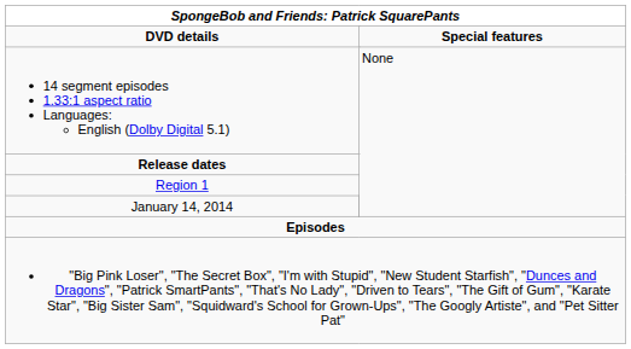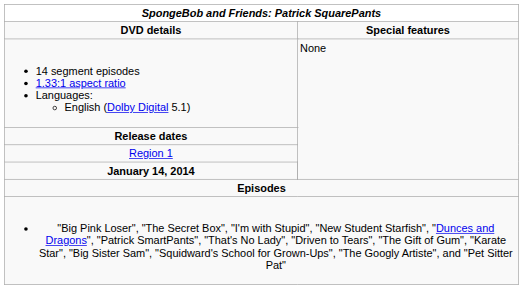 <table class="wikitable" style="font-size: 95%;">
 <tr style="background:#FFF; color:#000;">
 <td colspan="4" align="center"><strong><em>SpongeBob and Friends: Patrick SquarePants</em></strong></td>
 </tr>
 <tr valign="top">
 <td style="text-align:center; width:400px;" colspan="3"><strong>DVD details</strong></td>
 <td style="width:300px; text-align:center;"><strong>Special features</strong></td>
 </tr>
 <tr valign="top">
 <td colspan="3" style="text-align:left; width:400px;"><br><ul><li>14 segment episodes</li><li><a href='#'>1.33:1 aspect ratio</a></li><li>Languages:<ul><li>English (<a href='#'>Dolby Digital</a> 5.1)</li></ul></li></ul></td>
 <td rowspan="4" style="text-align:left; width:300px;">None</td>
 </tr>
 <tr>
 <td colspan="3" style="text-align:center;"><strong>Release dates</strong></td>
 </tr>
 <tr>
 <td colspan="3" style="text-align:center;"><a href='#'>Region 1</a></td>
 </tr>
 <tr style="text-align:center;">
-<td>January 14, 2014</td>
+<td><strong>January 14, 2014</strong></td>
 </tr>
 <tr>
 <td style="text-align:center; width:400px;" colspan="4"><strong>Episodes</strong></td>
 </tr>
 <tr>
 <td style="text-align:center; width:400px;" colspan="4"><br><ul><li>"Big Pink Loser", "The Secret Box", "I'm with Stupid", "New Student Starfish", "<a href='#'>Dunces and Dragons</a>", "Patrick SmartPants", "That's No Lady", "Driven to Tears", "The Gift of Gum", "Karate Star", "Big Sister Sam", "Squidward's School for Grown-Ups", "The Googly Artiste", and "Pet Sitter Pat"</li></ul></td>
 </tr>
 </table>
